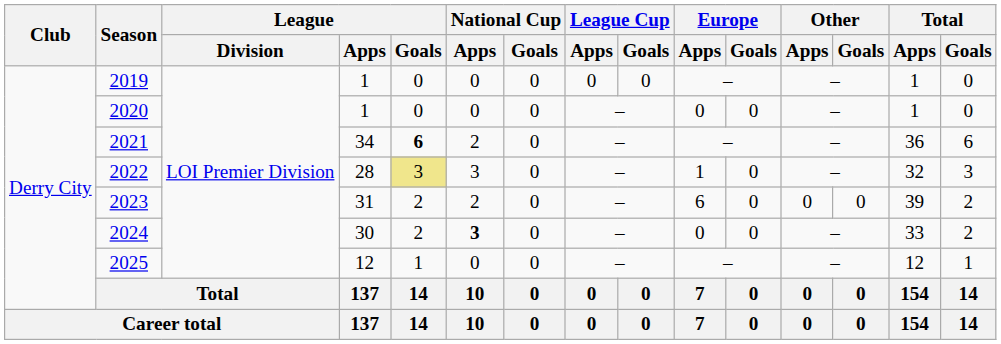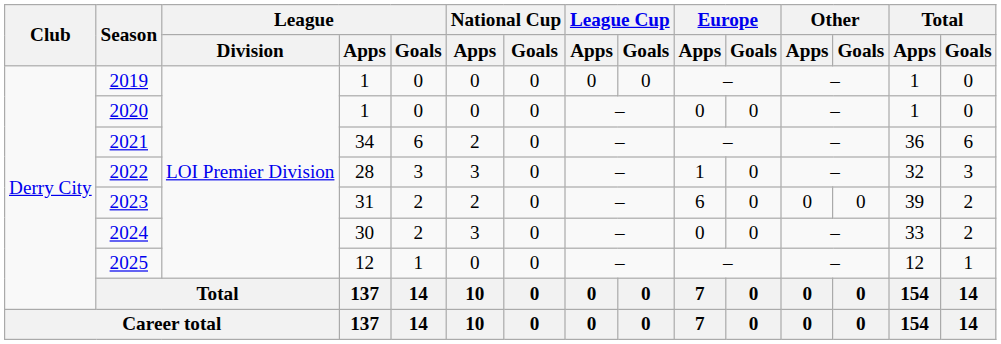 <table class=wikitable style="text-align: center">
 <tr>
 <th rowspan=2>Club</th>
 <th rowspan=2>Season</th>
 <th colspan=3>League</th>
 <th colspan=2>National Cup</th>
 <th colspan=2><a href='#'>League Cup</a></th>
 <th colspan=2><a href='#'>Europe</a></th>
 <th colspan=2>Other</th>
 <th colspan=2>Total</th>
 </tr>
 <tr>
 <th>Division</th>
 <th>Apps</th>
 <th>Goals</th>
 <th>Apps</th>
 <th>Goals</th>
 <th>Apps</th>
 <th>Goals</th>
 <th>Apps</th>
 <th>Goals</th>
 <th>Apps</th>
 <th>Goals</th>
 <th>Apps</th>
 <th>Goals</th>
 </tr>
 <tr>
 <td rowspan="8"><a href='#'>Derry City</a></td>
 <td><a href='#'>2019</a></td>
 <td rowspan="7"><a href='#'>LOI Premier Division</a></td>
 <td>1</td>
 <td>0</td>
 <td>0</td>
 <td>0</td>
 <td>0</td>
 <td>0</td>
 <td colspan="2">–</td>
 <td colspan="2">–</td>
 <td>1</td>
 <td>0</td>
 </tr>
 <tr>
 <td><a href='#'>2020</a></td>
 <td>1</td>
 <td>0</td>
 <td>0</td>
 <td>0</td>
 <td colspan="2">–</td>
 <td>0</td>
 <td>0</td>
 <td colspan="2">–</td>
 <td>1</td>
 <td>0</td>
 </tr>
 <tr>
 <td><a href='#'>2021</a></td>
 <td>34</td>
-<td><strong>6</strong></td>
+<td>6</td>
 <td>2</td>
 <td>0</td>
 <td colspan="2">–</td>
 <td colspan="2">–</td>
 <td colspan="2">–</td>
 <td>36</td>
 <td>6</td>
 </tr>
 <tr>
 <td><a href='#'>2022</a></td>
 <td>28</td>
-<td style="background: khaki;">3</td>
+<td>3</td>
 <td>3</td>
 <td>0</td>
 <td colspan="2">–</td>
 <td>1</td>
 <td>0</td>
 <td colspan="2">–</td>
 <td>32</td>
 <td>3</td>
 </tr>
 <tr>
 <td><a href='#'>2023</a></td>
 <td>31</td>
 <td>2</td>
 <td>2</td>
 <td>0</td>
 <td colspan="2">–</td>
 <td>6</td>
 <td>0</td>
 <td>0</td>
 <td>0</td>
 <td>39</td>
 <td>2</td>
 </tr>
 <tr>
 <td><a href='#'>2024</a></td>
 <td>30</td>
 <td>2</td>
-<td><strong>3</strong></td>
+<td>3</td>
 <td>0</td>
 <td colspan="2">–</td>
 <td>0</td>
 <td>0</td>
 <td colspan="2">–</td>
 <td>33</td>
 <td>2</td>
 </tr>
 <tr>
 <td><a href='#'>2025</a></td>
 <td>12</td>
 <td>1</td>
 <td>0</td>
 <td>0</td>
 <td colspan="2">–</td>
 <td colspan="2">–</td>
 <td colspan="2">–</td>
 <td>12</td>
 <td>1</td>
 </tr>
 <tr>
 <th colspan="2">Total</th>
 <th>137</th>
 <th>14</th>
 <th>10</th>
 <th>0</th>
 <th>0</th>
 <th>0</th>
 <th>7</th>
 <th>0</th>
 <th>0</th>
 <th>0</th>
 <th>154</th>
 <th>14</th>
 </tr>
 <tr>
 <th colspan="3">Career total</th>
 <th>137</th>
 <th>14</th>
 <th>10</th>
 <th>0</th>
 <th>0</th>
 <th>0</th>
 <th>7</th>
 <th>0</th>
 <th>0</th>
 <th>0</th>
 <th>154</th>
 <th>14</th>
 </tr>
 </table>
